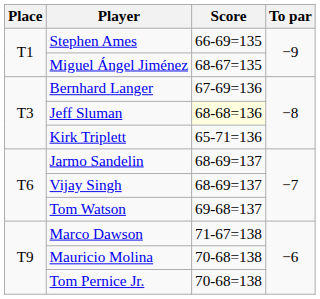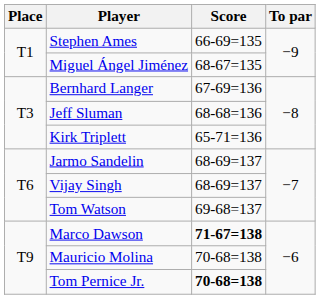 <table class="wikitable">
 <tr>
 <th>Place</th>
 <th>Player</th>
 <th>Score</th>
 <th>To par</th>
 </tr>
 <tr>
 <td rowspan="2" style="text-align:center;">T1</td>
 <td> <a href='#'>Stephen Ames</a></td>
 <td>66-69=135</td>
 <td rowspan="2" style="text-align:center;">−9</td>
 </tr>
 <tr>
 <td> <a href='#'>Miguel Ángel Jiménez</a></td>
 <td>68-67=135</td>
 </tr>
 <tr>
 <td rowspan="3" style="text-align:center;">T3</td>
 <td> <a href='#'>Bernhard Langer</a></td>
 <td>67-69=136</td>
 <td rowspan="3" style="text-align:center;">−8</td>
 </tr>
 <tr>
 <td> <a href='#'>Jeff Sluman</a></td>
-<td style="background: lightyellow;">68-68=136</td>
+<td>68-68=136</td>
 </tr>
 <tr>
 <td> <a href='#'>Kirk Triplett</a></td>
 <td>65-71=136</td>
 </tr>
 <tr>
 <td rowspan="3" style="text-align:center;">T6</td>
 <td> <a href='#'>Jarmo Sandelin</a></td>
 <td>68-69=137</td>
 <td rowspan="3" style="text-align:center;">−7</td>
 </tr>
 <tr>
 <td> <a href='#'>Vijay Singh</a></td>
 <td>68-69=137</td>
 </tr>
 <tr>
 <td> <a href='#'>Tom Watson</a></td>
 <td>69-68=137</td>
 </tr>
 <tr>
 <td rowspan="3" style="text-align:center;">T9</td>
 <td> <a href='#'>Marco Dawson</a></td>
-<td>71-67=138</td>
+<td><strong>71-67=138</strong></td>
 <td rowspan="3" style="text-align:center;">−6</td>
 </tr>
 <tr>
 <td> <a href='#'>Mauricio Molina</a></td>
 <td>70-68=138</td>
 </tr>
 <tr>
 <td> <a href='#'>Tom Pernice Jr.</a></td>
-<td>70-68=138</td>
+<td><strong>70-68=138</strong></td>
 </tr>
 </table>
